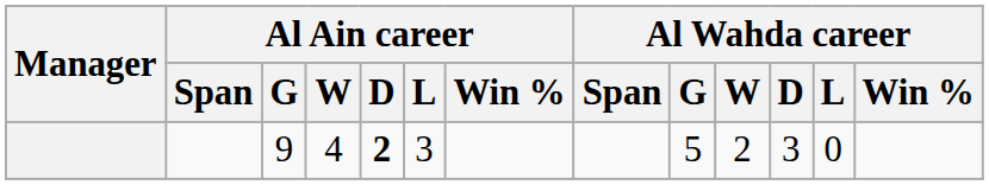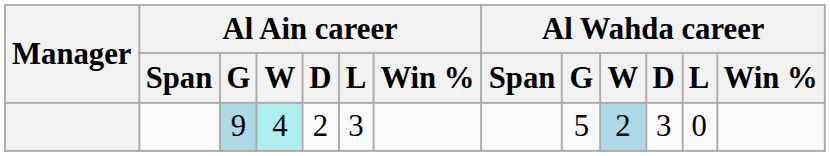 <table class="wikitable plainrowheaders" style="text-align:center">
 <tr>
 <th rowspan="2" scope="col">Manager</th>
 <th colspan="6" scope="col">Al Ain career</th>
 <th colspan="6" scope="col">Al Wahda career</th>
 </tr>
 <tr>
 <th scope="col">Span</th>
 <th scope="col">G</th>
 <th scope="col">W</th>
 <th scope="col">D</th>
 <th scope="col">L</th>
 <th scope="col">Win %</th>
 <th scope="col">Span</th>
 <th scope="col">G</th>
 <th scope="col">W</th>
 <th scope="col">D</th>
 <th scope="col">L</th>
 <th scope="col">Win %</th>
 </tr>
 <tr>
 <th scope="row" align="left"></th>
 <td></td>
-<td>9</td>
-<td>4</td>
-<td><strong>2</strong></td>
+<td style="background: lightblue;">9</td>
+<td style="background: paleturquoise;">4</td>
+<td>2</td>
 <td>3</td>
 <td></td>
 <td></td>
 <td>5</td>
-<td>2</td>
+<td style="background: lightblue;">2</td>
 <td>3</td>
 <td>0</td>
 <td></td>
 </tr>
 </table>
